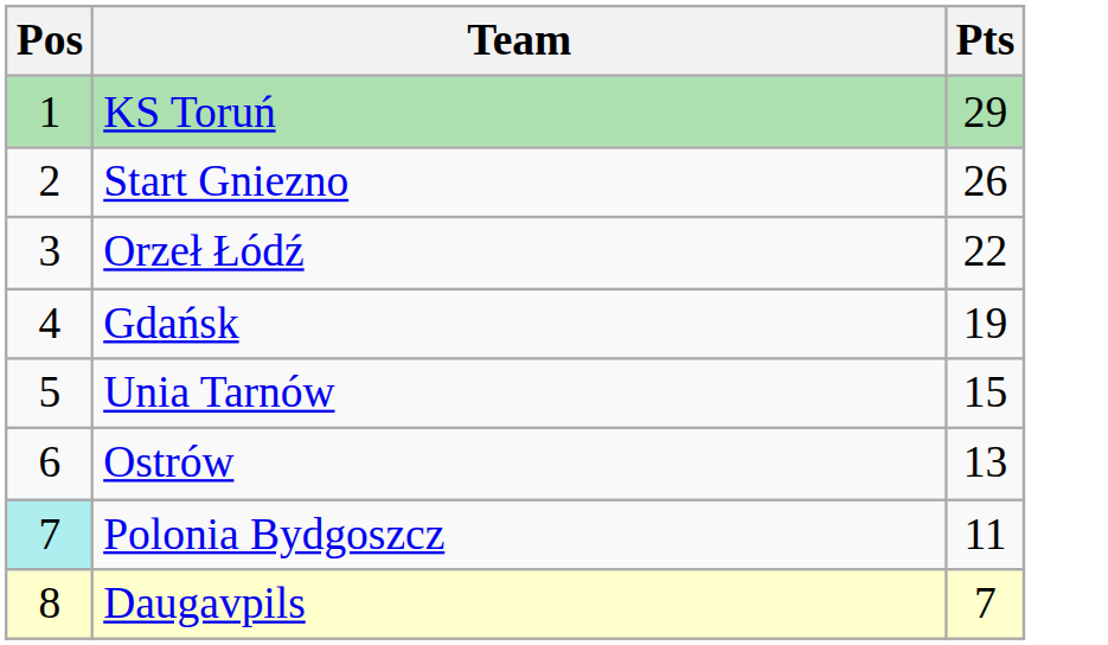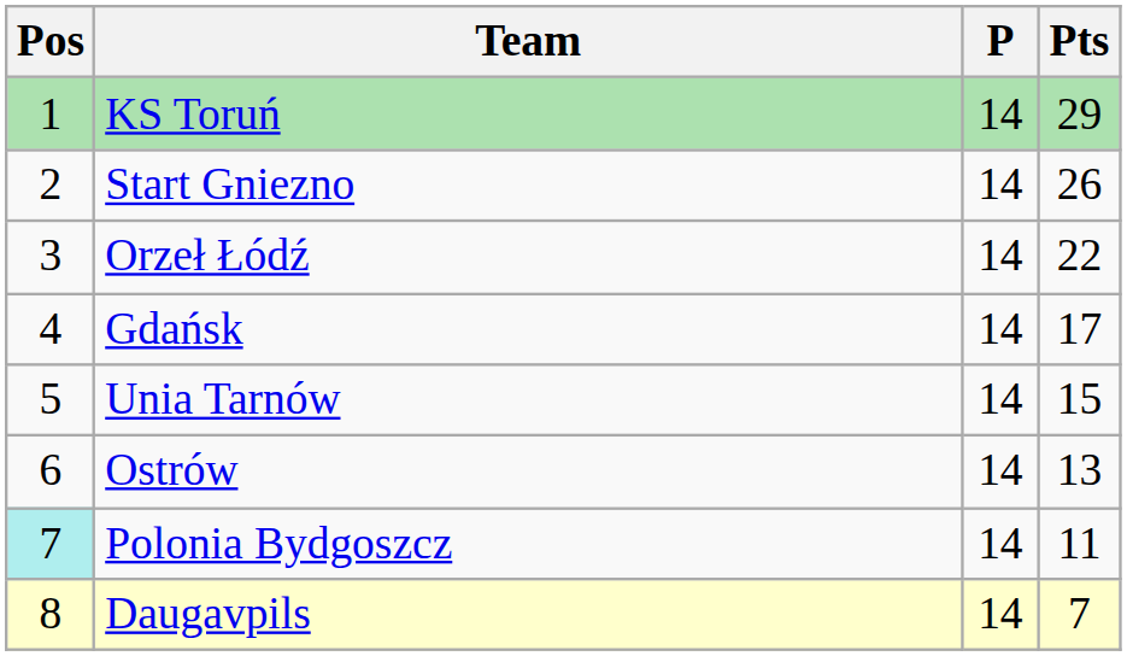 <table class="wikitable" style="font-size: 100%">
 <tr>
 <th width=20>Pos</th>
 <th width=300>Team</th>
+<th width=20>P</th>
 <th width=20>Pts</th>
 </tr>
 <tr align=center style="background:#ACE1AF;">
 <td>1</td>
 <td align="left"><a href='#'>KS Toruń</a></td>
+<td>14</td>
 <td>29</td>
 </tr>
 <tr align=center>
 <td>2</td>
 <td align="left"><a href='#'>Start Gniezno</a></td>
+<td>14</td>
 <td>26</td>
 </tr>
 <tr align=center>
 <td>3</td>
 <td align="left"><a href='#'>Orzeł Łódź</a></td>
+<td>14</td>
 <td>22</td>
 </tr>
 <tr align=center>
 <td>4</td>
 <td align="left"><a href='#'>Gdańsk</a></td>
-<td>19</td>
+<td>14</td>
+<td>17</td>
 </tr>
 <tr align=center>
 <td>5</td>
 <td align="left"><a href='#'>Unia Tarnów</a></td>
+<td>14</td>
 <td>15</td>
 </tr>
 <tr align=center>
 <td>6</td>
 <td align="left"><a href='#'>Ostrów</a></td>
+<td>14</td>
 <td>13</td>
 </tr>
 <tr align=center>
 <td style="background: paleturquoise;">7</td>
 <td align="left"><a href='#'>Polonia Bydgoszcz</a></td>
+<td>14</td>
 <td>11</td>
 </tr>
 <tr align=center style="background: #ffffcc;">
 <td>8</td>
 <td align="left"><a href='#'>Daugavpils</a> </td>
+<td>14</td>
 <td>7</td>
 </tr>
 </table>
